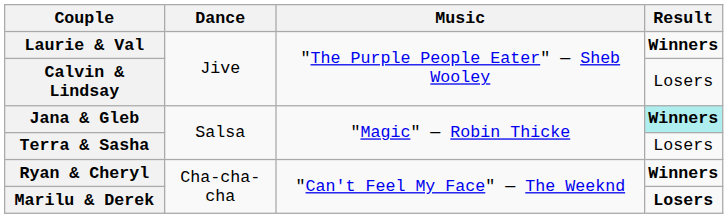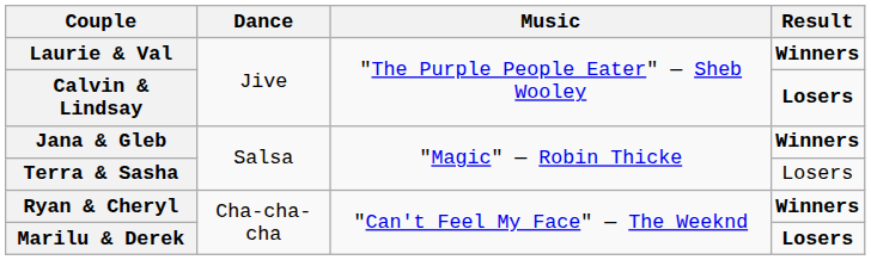 <table class="wikitable unsortable" style="text-align:center; width:90%">
 <tr>
 <th scope="col">Couple</th>
 <th scope="col">Dance</th>
 <th scope="col">Music</th>
 <th scope="col">Result</th>
 </tr>
 <tr>
 <th scope="row">Laurie & Val</th>
 <td rowspan=2>Jive</td>
 <td rowspan=2>"<a href='#'>The Purple People Eater</a>" — <a href='#'>Sheb Wooley</a></td>
 <td><strong>Winners</strong></td>
 </tr>
 <tr>
 <th scope="row">Calvin & Lindsay</th>
-<td>Losers</td>
+<td><strong>Losers</strong></td>
 </tr>
 <tr>
 <th scope="row">Jana & Gleb</th>
 <td rowspan=2>Salsa</td>
 <td rowspan=2>"<a href='#'>Magic</a>" — <a href='#'>Robin Thicke</a></td>
-<td style="background: paleturquoise;"><strong>Winners</strong></td>
+<td><strong>Winners</strong></td>
 </tr>
 <tr>
 <th scope="row">Terra & Sasha</th>
 <td>Losers</td>
 </tr>
 <tr>
 <th scope="row">Ryan & Cheryl</th>
 <td rowspan=2>Cha-cha-cha</td>
 <td rowspan=2>"<a href='#'>Can't Feel My Face</a>" — <a href='#'>The Weeknd</a></td>
 <td><strong>Winners</strong></td>
 </tr>
 <tr>
 <th scope="row">Marilu & Derek</th>
 <td><strong>Losers</strong></td>
 </tr>
 </table>
